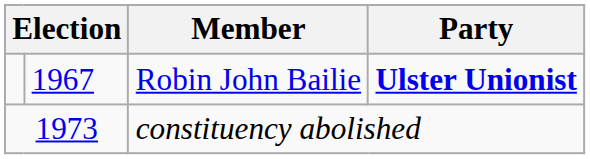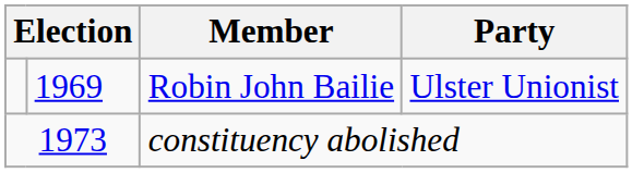 <table class="wikitable">
 <tr>
 <th colspan="2">Election</th>
 <th>Member</th>
 <th>Party</th>
 </tr>
 <tr>
 <td style="background-color: "></td>
-<td><a href='#'>1967</a></td>
+<td><a href='#'>1969</a></td>
 <td><a href='#'>Robin John Bailie</a></td>
-<td><strong><a href='#'>Ulster Unionist</a></strong></td>
+<td><a href='#'>Ulster Unionist</a></td>
 </tr>
 <tr>
 <td colspan="2" align="center"><a href='#'>1973</a></td>
 <td colspan="2"><em>constituency abolished</em></td>
 </tr>
 </table>
